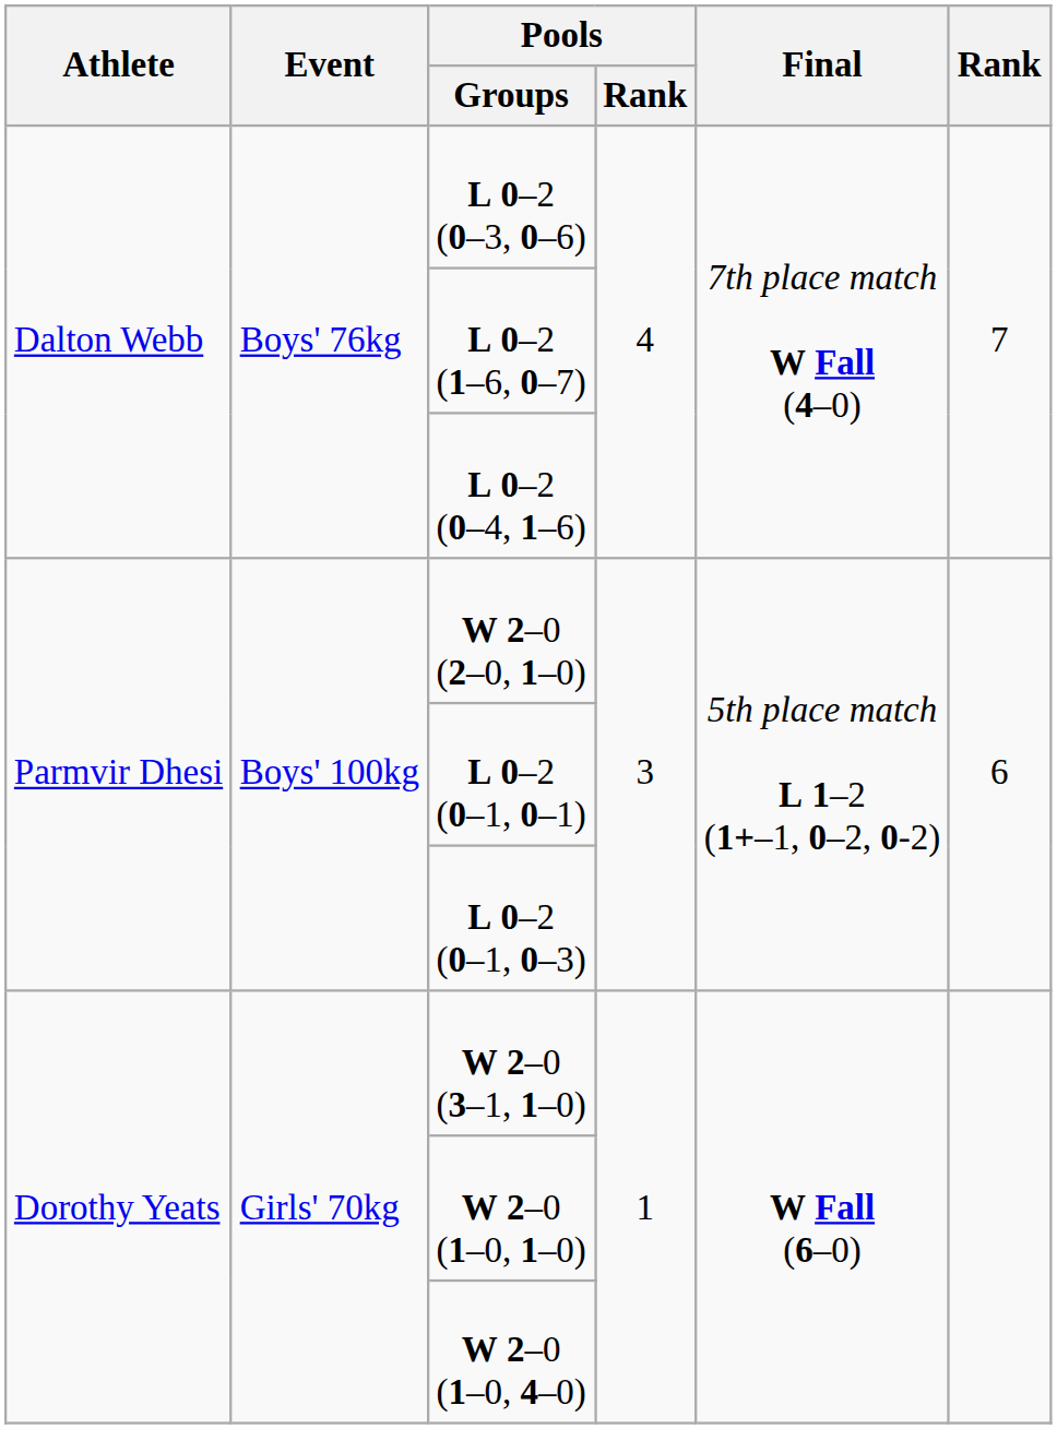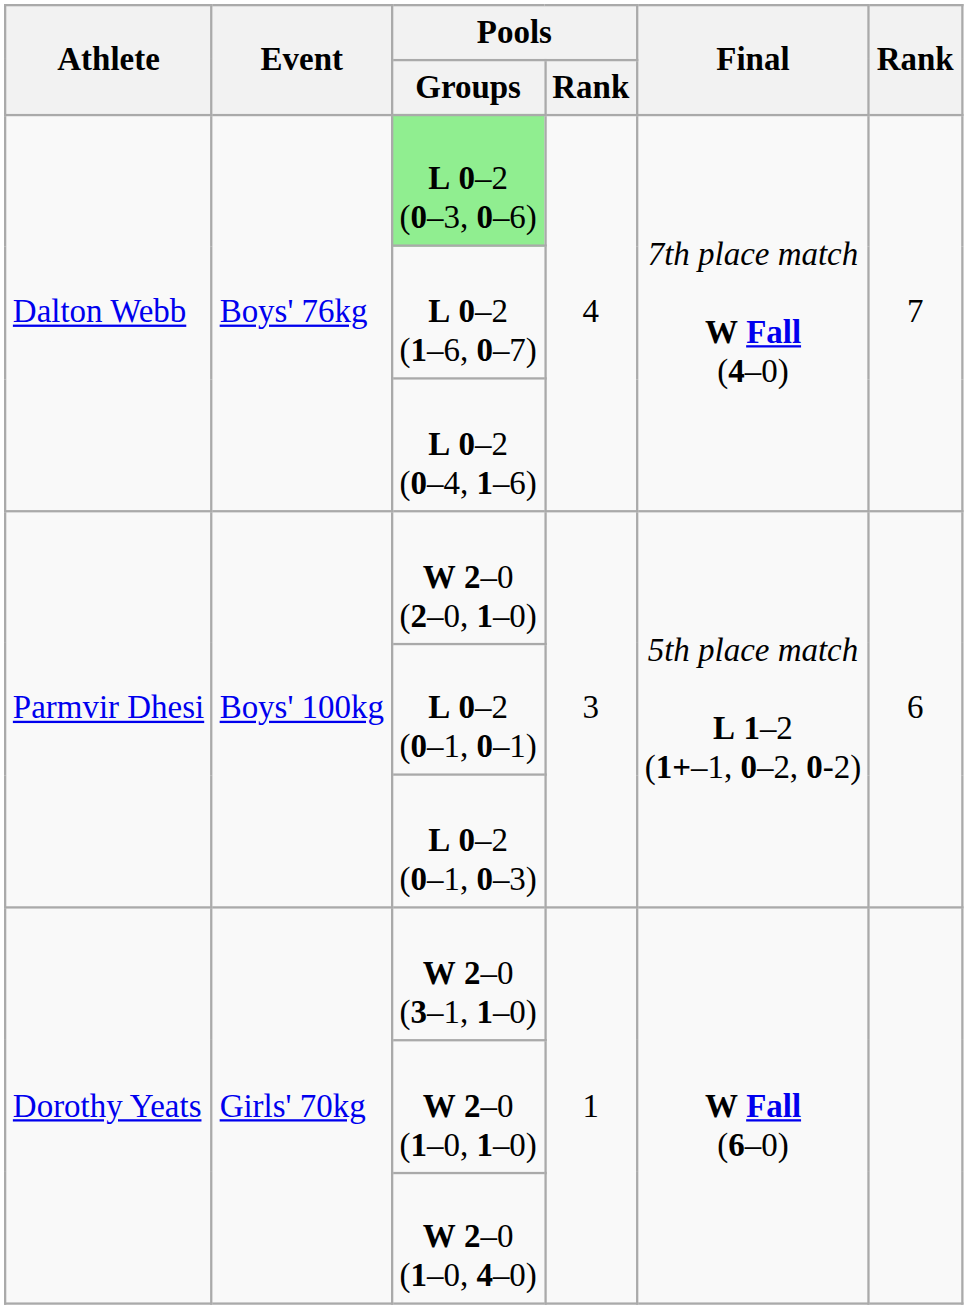 <table class="wikitable" style="text-align:left; font-size:90%">
 <tr>
 <th rowspan="2">Athlete</th>
 <th rowspan="2">Event</th>
 <th colspan="2">Pools</th>
 <th rowspan="2">Final</th>
 <th rowspan="2">Rank</th>
 </tr>
 <tr>
 <th>Groups</th>
 <th>Rank</th>
 </tr>
 <tr>
 <td rowspan="3"><a href='#'>Dalton Webb</a></td>
 <td rowspan="3"><a href='#'>Boys' 76kg</a></td>
-<td align=center><br><strong>L</strong> <strong>0</strong>–2<br>(<strong>0</strong>–3, <strong>0</strong>–6)</td>
+<td align=center style="background: lightgreen;"><br><strong>L</strong> <strong>0</strong>–2<br>(<strong>0</strong>–3, <strong>0</strong>–6)</td>
 <td rowspan="3" align=center>4</td>
 <td align=center rowspan=3><em>7th place match</em><br><br><strong>W</strong> <strong><a href='#'>Fall</a></strong><br>(<strong>4</strong>–0)</td>
 <td rowspan="3" align="center">7</td>
 </tr>
 <tr>
 <td align=center><br><strong>L</strong> <strong>0</strong>–2<br>(<strong>1</strong>–6, <strong>0</strong>–7)</td>
 </tr>
 <tr>
 <td align=center><br><strong>L</strong> <strong>0</strong>–2<br>(<strong>0</strong>–4, <strong>1</strong>–6)</td>
 </tr>
 <tr>
 <td rowspan="3"><a href='#'>Parmvir Dhesi</a></td>
 <td rowspan="3"><a href='#'>Boys' 100kg</a></td>
 <td align=center><br><strong>W</strong> <strong>2</strong>–0<br>(<strong>2</strong>–0, <strong>1</strong>–0)</td>
 <td rowspan="3" align=center>3</td>
 <td align=center rowspan=3><em>5th place match</em><br><br><strong>L</strong> <strong>1</strong>–2<br>(<strong>1+</strong>–1, <strong>0</strong>–2, <strong>0</strong>-2)</td>
 <td rowspan="3" align="center">6</td>
 </tr>
 <tr>
 <td align=center><br><strong>L</strong> <strong>0</strong>–2<br>(<strong>0</strong>–1, <strong>0</strong>–1)</td>
 </tr>
 <tr>
 <td align=center><br><strong>L</strong> <strong>0</strong>–2<br>(<strong>0</strong>–1, <strong>0</strong>–3)</td>
 </tr>
 <tr>
 <td rowspan="3"><a href='#'>Dorothy Yeats</a></td>
 <td rowspan="3"><a href='#'>Girls' 70kg</a></td>
 <td align=center><br><strong>W</strong> <strong>2</strong>–0<br>(<strong>3</strong>–1, <strong>1</strong>–0)</td>
 <td rowspan="3" align=center>1</td>
 <td align=center rowspan=3><br><strong>W</strong> <strong><a href='#'>Fall</a></strong><br>(<strong>6</strong>–0)</td>
 <td rowspan="3" align="center"></td>
 </tr>
 <tr>
 <td align=center><br><strong>W</strong> <strong>2</strong>–0<br>(<strong>1</strong>–0, <strong>1</strong>–0)</td>
 </tr>
 <tr>
 <td align=center><br><strong>W</strong> <strong>2</strong>–0<br>(<strong>1</strong>–0, <strong>4</strong>–0)</td>
 </tr>
 </table>
